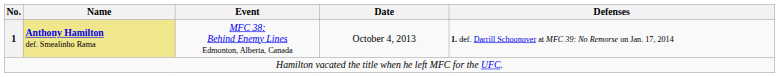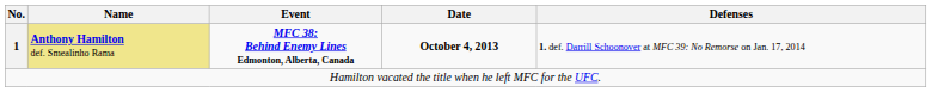 <table class="wikitable" style="width:100%;">
 <tr>
 <th style="width:1%;">No.</th>
 <th style="width:20%;">Name</th>
 <th style="width:19%;">Event</th>
 <th style="width:17%;">Date</th>
 <th style="width:44%;">Defenses</th>
 </tr>
 <tr>
 <th>1</th>
 <td style="background: khaki;"> <strong><a href='#'>Anthony Hamilton</a></strong><br><small>def. Smealinho Rama</small></td>
-<td align=center><em><a href='#'>MFC 38:</a></em><br><em><a href='#'>Behind Enemy Lines</a></em><br><small> Edmonton, Alberta, Canada</small></td>
-<td align=center>October 4, 2013</td>
+<td align=center><strong><em><a href='#'>MFC 38:</a></em><br><em><a href='#'>Behind Enemy Lines</a></em><br><small> Edmonton, Alberta, Canada</small></strong></td>
+<td align=center><strong>October 4, 2013</strong></td>
 <td><small><strong>1.</strong> def. <a href='#'>Darrill Schoonover</a> at <em>MFC 39: No Remorse</em> on Jan. 17, 2014</small></td>
 </tr>
 <tr>
 <td style="text-align:center;" colspan="5"><em>Hamilton vacated the title when he left MFC for the <a href='#'>UFC</a>.</em></td>
 </tr>
 </table>
